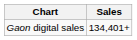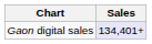 <table class="wikitable" style="text-align:center">
 <tr>
 <th>Chart</th>
 <th>Sales</th>
 </tr>
 <tr>
 <td><em>Gaon</em> digital sales</td>
-<td>134,401+</td>
+<td style="background: lavender;">134,401+</td>
 </tr>
 </table>
